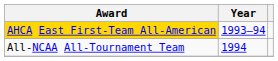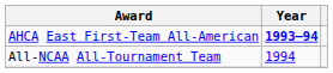 <table class="wikitable">
 <tr>
 <th>Award</th>
 <th>Year</th>
 <th></th>
 </tr>
 <tr>
-<td style="background: gold;"><a href='#'>AHCA</a> <a href='#'>East First-Team All-American</a></td>
-<td><a href='#'>1993–94</a></td>
+<td><a href='#'>AHCA</a> <a href='#'>East First-Team All-American</a></td>
+<td><strong><a href='#'>1993–94</a></strong></td>
 <td></td>
 </tr>
 <tr>
 <td>All-<a href='#'>NCAA</a> <a href='#'>All-Tournament Team</a></td>
 <td><a href='#'>1994</a></td>
 <td></td>
 </tr>
 <tr>
 </tr>
 </table>
